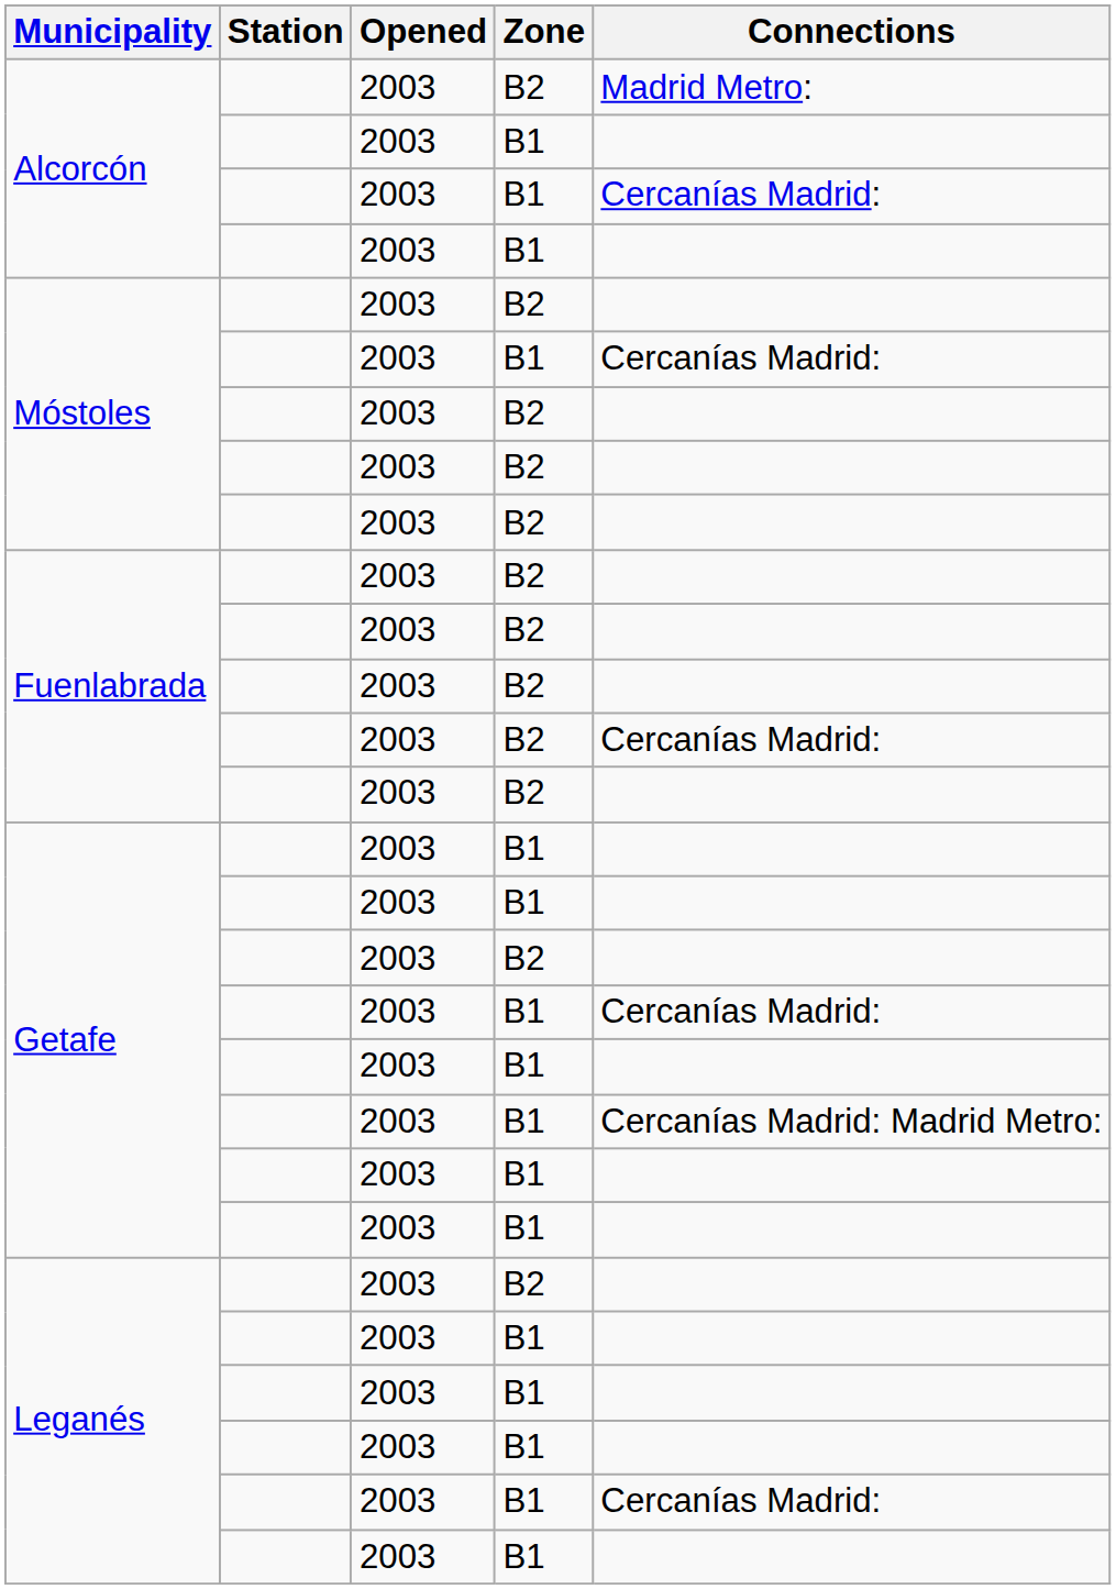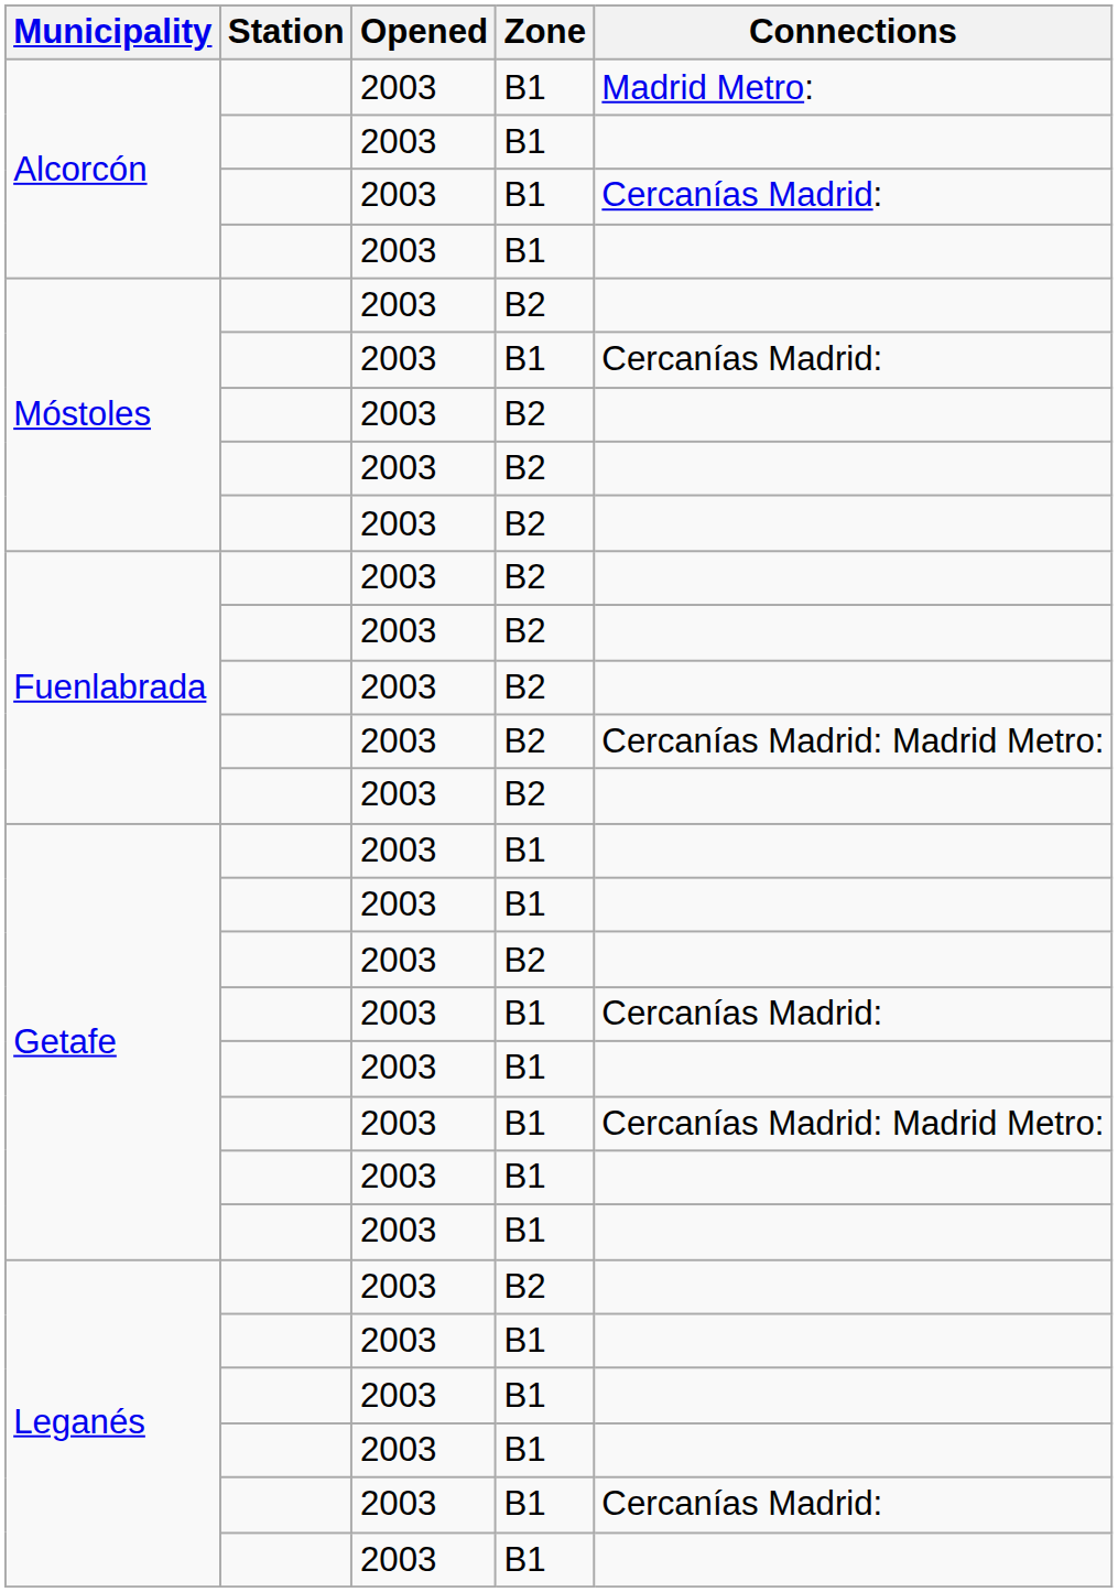 <table class="wikitable">
 <tr>
 <th><a href='#'>Municipality</a></th>
 <th>Station</th>
 <th>Opened</th>
 <th>Zone</th>
 <th>Connections</th>
 </tr>
 <tr>
 <td rowspan=4><a href='#'>Alcorcón</a></td>
 <td> </td>
 <td>2003</td>
-<td>B2</td>
+<td>B1</td>
 <td><a href='#'>Madrid Metro</a>: </td>
 </tr>
 <tr>
 <td> </td>
 <td>2003</td>
 <td>B1</td>
 <td></td>
 </tr>
 <tr>
 <td> </td>
 <td>2003</td>
 <td>B1</td>
 <td><a href='#'>Cercanías Madrid</a>: </td>
 </tr>
 <tr>
 <td> </td>
 <td>2003</td>
 <td>B1</td>
 <td></td>
 </tr>
 <tr>
 <td rowspan=5><a href='#'>Móstoles</a></td>
 <td> </td>
 <td>2003</td>
 <td>B2</td>
 <td></td>
 </tr>
 <tr>
 <td> </td>
 <td>2003</td>
 <td>B1</td>
 <td>Cercanías Madrid: </td>
 </tr>
 <tr>
 <td> </td>
 <td>2003</td>
 <td>B2</td>
 <td></td>
 </tr>
 <tr>
 <td> </td>
 <td>2003</td>
 <td>B2</td>
 <td></td>
 </tr>
 <tr>
 <td> </td>
 <td>2003</td>
 <td>B2</td>
 <td></td>
 </tr>
 <tr>
 <td rowspan=5><a href='#'>Fuenlabrada</a></td>
 <td> </td>
 <td>2003</td>
 <td>B2</td>
 <td></td>
 </tr>
 <tr>
 <td> </td>
 <td>2003</td>
 <td>B2</td>
 <td></td>
 </tr>
 <tr>
 <td> </td>
 <td>2003</td>
 <td>B2</td>
 <td></td>
 </tr>
 <tr>
 <td> </td>
 <td>2003</td>
 <td>B2</td>
-<td>Cercanías Madrid: </td>
+<td>Cercanías Madrid: Madrid Metro: </td>
 </tr>
 <tr>
 <td> </td>
 <td>2003</td>
 <td>B2</td>
 <td></td>
 </tr>
 <tr>
 <td rowspan=8><a href='#'>Getafe</a></td>
 <td> </td>
 <td>2003</td>
 <td>B1</td>
 <td></td>
 </tr>
 <tr>
 <td> </td>
 <td>2003</td>
 <td>B1</td>
 <td></td>
 </tr>
 <tr>
 <td> </td>
 <td>2003</td>
 <td>B2</td>
 <td></td>
 </tr>
 <tr>
 <td> </td>
 <td>2003</td>
 <td>B1</td>
 <td>Cercanías Madrid: </td>
 </tr>
 <tr>
 <td> </td>
 <td>2003</td>
 <td>B1</td>
 <td></td>
 </tr>
 <tr>
 <td> </td>
 <td>2003</td>
 <td>B1</td>
 <td>Cercanías Madrid: Madrid Metro: </td>
 </tr>
 <tr>
 <td> </td>
 <td>2003</td>
 <td>B1</td>
 <td></td>
 </tr>
 <tr>
 <td> </td>
 <td>2003</td>
 <td>B1</td>
 <td></td>
 </tr>
 <tr>
 <td rowspan=6><a href='#'>Leganés</a></td>
 <td> </td>
 <td>2003</td>
 <td>B2</td>
 <td></td>
 </tr>
 <tr>
 <td> </td>
 <td>2003</td>
 <td>B1</td>
 <td></td>
 </tr>
 <tr>
 <td> </td>
 <td>2003</td>
 <td>B1</td>
 <td></td>
 </tr>
 <tr>
 <td> </td>
 <td>2003</td>
 <td>B1</td>
 <td></td>
 </tr>
 <tr>
 <td> </td>
 <td>2003</td>
 <td>B1</td>
 <td>Cercanías Madrid: </td>
 </tr>
 <tr>
 <td> </td>
 <td>2003</td>
 <td>B1</td>
 <td></td>
 </tr>
 </table>
